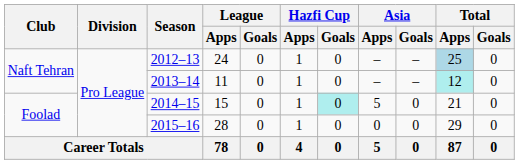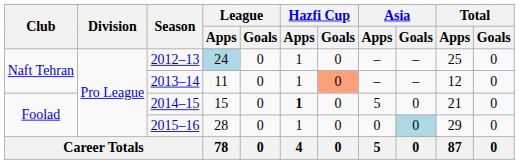 <table class="wikitable" style="text-align: center;">
 <tr>
 <th rowspan="2">Club</th>
 <th rowspan="2">Division</th>
 <th rowspan="2">Season</th>
 <th colspan="2">League</th>
 <th colspan="2"><a href='#'>Hazfi Cup</a></th>
 <th colspan="2"><a href='#'>Asia</a></th>
 <th colspan="2">Total</th>
 </tr>
 <tr>
 <th>Apps</th>
 <th>Goals</th>
 <th>Apps</th>
 <th>Goals</th>
 <th>Apps</th>
 <th>Goals</th>
 <th>Apps</th>
 <th>Goals</th>
 </tr>
 <tr>
 <td rowspan="2"><a href='#'>Naft Tehran</a></td>
 <td rowspan="4"><a href='#'>Pro League</a></td>
 <td><a href='#'>2012–13</a></td>
-<td>24</td>
+<td style="background: lightblue;">24</td>
 <td>0</td>
 <td>1</td>
 <td>0</td>
 <td>–</td>
 <td>–</td>
-<td style="background: lightblue;">25</td>
+<td>25</td>
 <td>0</td>
 </tr>
 <tr>
 <td><a href='#'>2013–14</a></td>
 <td>11</td>
 <td>0</td>
 <td>1</td>
-<td>0</td>
+<td style="background: lightsalmon;">0</td>
 <td>–</td>
 <td>–</td>
-<td style="background: paleturquoise;">12</td>
+<td>12</td>
 <td>0</td>
 </tr>
 <tr>
 <td rowspan="2"><a href='#'>Foolad</a></td>
 <td><a href='#'>2014–15</a></td>
 <td>15</td>
 <td>0</td>
-<td>1</td>
-<td style="background: paleturquoise;">0</td>
+<td><strong>1</strong></td>
+<td>0</td>
 <td>5</td>
 <td>0</td>
 <td>21</td>
 <td>0</td>
 </tr>
 <tr>
 <td><a href='#'>2015–16</a></td>
 <td>28</td>
 <td>0</td>
 <td>1</td>
 <td>0</td>
 <td>0</td>
-<td>0</td>
+<td style="background: lightblue;">0</td>
 <td>29</td>
 <td>0</td>
 </tr>
 <tr>
 <th colspan=3>Career Totals</th>
 <th>78</th>
 <th>0</th>
 <th>4</th>
 <th>0</th>
 <th>5</th>
 <th>0</th>
 <th>87</th>
 <th>0</th>
 </tr>
 </table>
